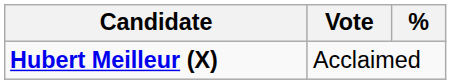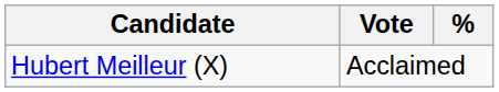 <table class="wikitable">
 <tr>
 <th bgcolor="#DDDDFF" width="200px">Candidate</th>
 <th bgcolor="#DDDDFF" width="50px">Vote</th>
 <th bgcolor="#DDDDFF" width="30px">%</th>
 </tr>
 <tr>
-<td><strong><a href='#'>Hubert Meilleur</a> (X)</strong></td>
+<td><a href='#'>Hubert Meilleur</a> (X)</td>
 <td colspan="2">Acclaimed</td>
 </tr>
 </table>
